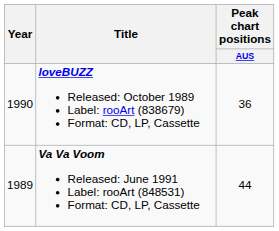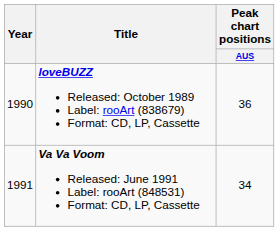 <table class="wikitable">
 <tr>
 <th rowspan="2" width="33">Year</th>
 <th rowspan="2" width="240">Title</th>
 <th colspan="1">Peak chart positions</th>
 </tr>
 <tr>
 <th style="width:3em;font-size:75%"><a href='#'>AUS</a><br></th>
 </tr>
 <tr>
 <td align="center">1990</td>
 <td><strong><em><a href='#'>loveBUZZ</a></em></strong><br><ul><li>Released: October 1989</li><li>Label: <a href='#'>rooArt</a> (838679)</li><li>Format: CD, LP, Cassette</li></ul></td>
 <td align="center">36</td>
 </tr>
 <tr>
-<td align="center">1989</td>
+<td align="center">1991</td>
 <td><strong><em>Va Va Voom</em></strong><br><ul><li>Released: June 1991</li><li>Label: rooArt (848531)</li><li>Format: CD, LP, Cassette</li></ul></td>
-<td align="center">44</td>
+<td align="center">34</td>
 </tr>
 </table>
